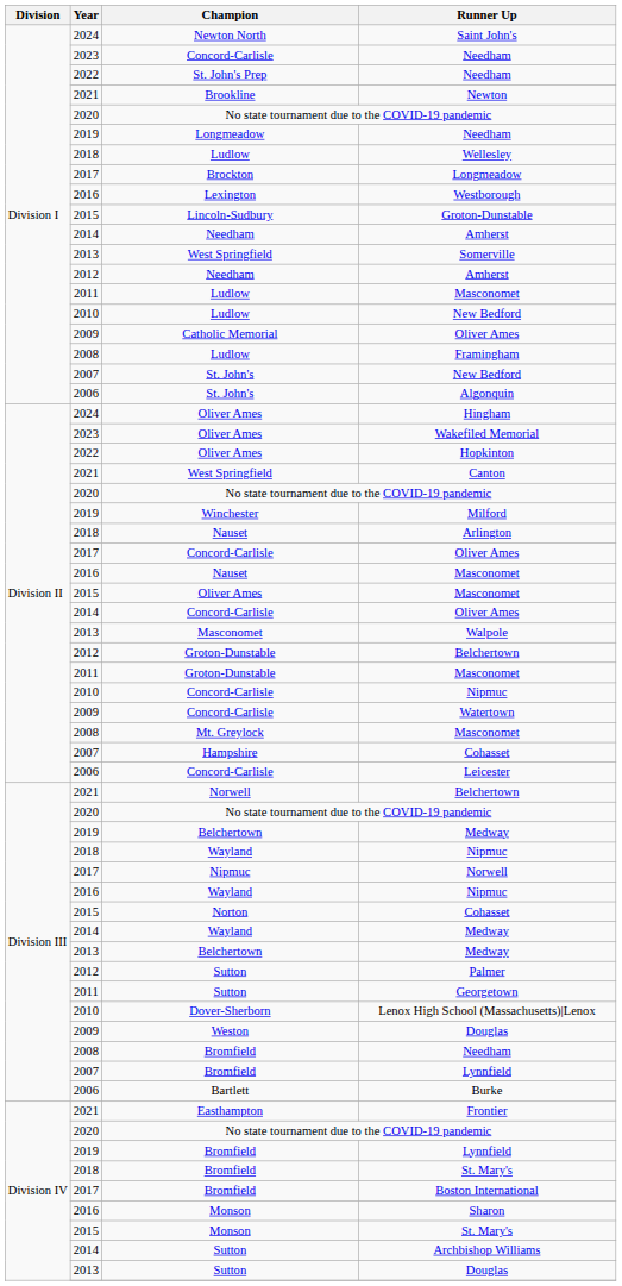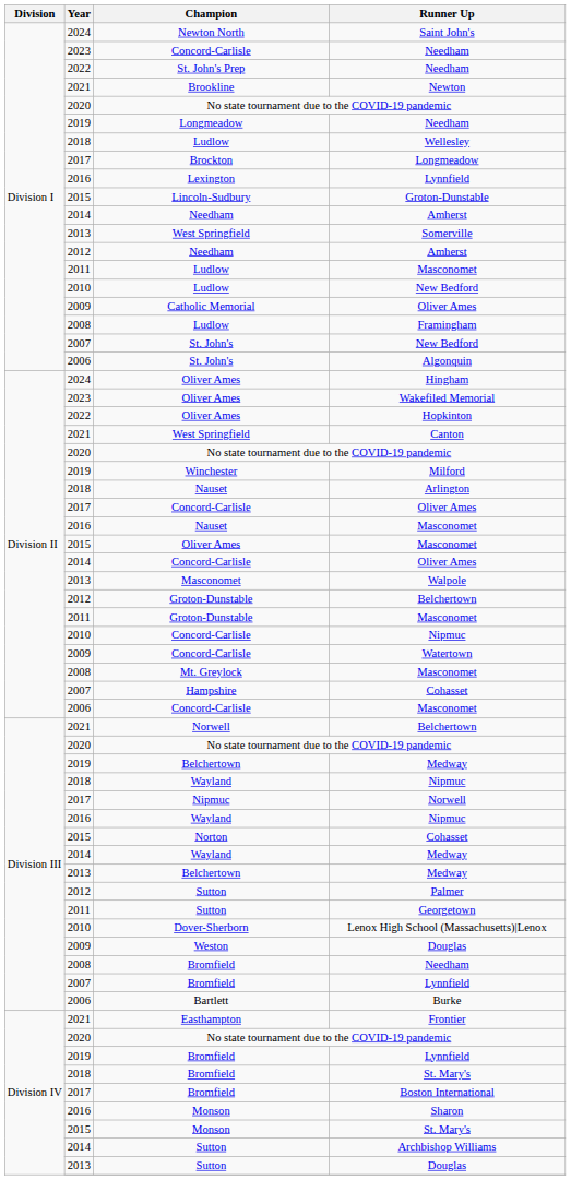 <table class="wikitable">
 <tr>
 <th>Division</th>
 <th colspan="2">Year</th>
 <th>Champion</th>
 <th>Runner Up</th>
 </tr>
 <tr>
 <td rowspan="19">Division I</td>
 <td colspan="2" style="text-align:center">2024</td>
 <td style="text-align:center; width:20em"><a href='#'>Newton North</a></td>
 <td style="text-align:center; width:20em"><a href='#'>Saint John's</a></td>
 </tr>
 <tr>
 <td colspan="2" style="text-align:center">2023</td>
 <td style="text-align:center; width:20em"><a href='#'>Concord-Carlisle</a></td>
 <td style="text-align:center; width:20em"><a href='#'>Needham</a></td>
 </tr>
 <tr>
 <td colspan="2" style="text-align:center">2022</td>
 <td style="text-align:center; width:20em"><a href='#'>St. John's Prep</a></td>
 <td style="text-align:center; width:20em"><a href='#'>Needham</a></td>
 </tr>
 <tr>
 <td colspan="2" style="text-align:center">2021</td>
 <td style="text-align:center; width:20em"><a href='#'>Brookline</a></td>
 <td style="text-align:center; width:20em"><a href='#'>Newton</a></td>
 </tr>
 <tr>
 <td colspan="2" style="text-align:center">2020</td>
 <td colspan="4" style="text-align:center">No state tournament due to the <a href='#'>COVID-19 pandemic</a></td>
 </tr>
 <tr>
 <td colspan="2" style="text-align:center">2019</td>
 <td style="text-align:center"><a href='#'>Longmeadow</a></td>
 <td style="text-align:center"><a href='#'>Needham</a></td>
 </tr>
 <tr>
 <td colspan="2" style="text-align:center">2018</td>
 <td style="text-align:center; width:20em"><a href='#'>Ludlow</a></td>
 <td style="text-align:center; width:20em"><a href='#'>Wellesley</a></td>
 </tr>
 <tr>
 <td colspan="2" style="text-align:center">2017</td>
 <td style="text-align:center"><a href='#'>Brockton</a></td>
 <td style="text-align:center"><a href='#'>Longmeadow</a></td>
 </tr>
 <tr>
 <td colspan="2" style="text-align:center">2016</td>
 <td style="text-align:center"><a href='#'>Lexington</a></td>
-<td style="text-align:center"><a href='#'>Westborough</a></td>
+<td style="text-align:center"><a href='#'>Lynnfield</a></td>
 </tr>
 <tr>
 <td colspan="2" style="text-align:center">2015</td>
 <td style="text-align:center"><a href='#'>Lincoln-Sudbury</a></td>
 <td style="text-align:center"><a href='#'>Groton-Dunstable</a></td>
 </tr>
 <tr>
 <td colspan="2" style="text-align:center">2014</td>
 <td style="text-align:center"><a href='#'>Needham</a></td>
 <td style="text-align:center"><a href='#'>Amherst</a></td>
 </tr>
 <tr>
 <td colspan="2" style="text-align:center">2013</td>
 <td style="text-align:center"><a href='#'>West Springfield</a></td>
 <td style="text-align:center"><a href='#'>Somerville</a></td>
 </tr>
 <tr>
 <td colspan="2" style="text-align:center">2012</td>
 <td style="text-align:center"><a href='#'>Needham</a></td>
 <td style="text-align:center"><a href='#'>Amherst</a></td>
 </tr>
 <tr>
 <td colspan="2" style="text-align:center">2011</td>
 <td style="text-align:center"><a href='#'>Ludlow</a></td>
 <td style="text-align:center"><a href='#'>Masconomet</a></td>
 </tr>
 <tr>
 <td colspan="2" style="text-align:center">2010</td>
 <td style="text-align:center"><a href='#'>Ludlow</a></td>
 <td style="text-align:center"><a href='#'>New Bedford</a></td>
 </tr>
 <tr>
 <td colspan="2" style="text-align:center">2009</td>
 <td style="text-align:center"><a href='#'>Catholic Memorial</a></td>
 <td style="text-align:center"><a href='#'>Oliver Ames</a></td>
 </tr>
 <tr>
 <td colspan="2" style="text-align:center">2008</td>
 <td style="text-align:center"><a href='#'>Ludlow</a></td>
 <td style="text-align:center"><a href='#'>Framingham</a></td>
 </tr>
 <tr>
 <td colspan="2" style="text-align:center">2007</td>
 <td style="text-align:center"><a href='#'>St. John's</a></td>
 <td style="text-align:center"><a href='#'>New Bedford</a></td>
 </tr>
 <tr>
 <td colspan="2" style="text-align:center">2006</td>
 <td style="text-align:center"><a href='#'>St. John's</a></td>
 <td style="text-align:center"><a href='#'>Algonquin</a></td>
 </tr>
 <tr>
 <td rowspan="19">Division II</td>
 <td colspan="2" style="text-align:center">2024</td>
 <td style="text-align:center"><a href='#'>Oliver Ames</a></td>
 <td style="text-align:center"><a href='#'>Hingham</a></td>
 </tr>
 <tr>
 <td colspan="2" style="text-align:center">2023</td>
 <td style="text-align:center"><a href='#'>Oliver Ames</a></td>
 <td style="text-align:center"><a href='#'>Wakefiled Memorial</a></td>
 </tr>
 <tr>
 <td colspan="2" style="text-align:center">2022</td>
 <td style="text-align:center"><a href='#'>Oliver Ames</a></td>
 <td style="text-align:center"><a href='#'>Hopkinton</a></td>
 </tr>
 <tr>
 <td colspan="2" style="text-align:center">2021</td>
 <td style="text-align:center; width:20em"><a href='#'>West Springfield</a></td>
 <td style="text-align:center; width:20em"><a href='#'>Canton</a></td>
 </tr>
 <tr>
 <td colspan="2" style="text-align:center">2020</td>
 <td colspan="4" style="text-align:center">No state tournament due to the <a href='#'>COVID-19 pandemic</a></td>
 </tr>
 <tr>
 <td colspan="2" style="text-align:center">2019</td>
 <td style="text-align:center"><a href='#'>Winchester</a></td>
 <td style="text-align:center"><a href='#'>Milford</a></td>
 </tr>
 <tr>
 <td colspan="2" style="text-align:center">2018</td>
 <td style="text-align:center;"><a href='#'>Nauset</a></td>
 <td style="text-align:center;"><a href='#'>Arlington</a></td>
 </tr>
 <tr>
 <td colspan="2" style="text-align:center">2017</td>
 <td style="text-align:center"><a href='#'>Concord-Carlisle</a></td>
 <td style="text-align:center"><a href='#'>Oliver Ames</a></td>
 </tr>
 <tr>
 <td colspan="2" style="text-align:center">2016</td>
 <td style="text-align:center"><a href='#'>Nauset</a></td>
 <td style="text-align:center"><a href='#'>Masconomet</a></td>
 </tr>
 <tr>
 <td colspan="2" style="text-align:center">2015</td>
 <td style="text-align:center"><a href='#'>Oliver Ames</a></td>
 <td style="text-align:center"><a href='#'>Masconomet</a></td>
 </tr>
 <tr>
 <td colspan="2" style="text-align:center">2014</td>
 <td style="text-align:center"><a href='#'>Concord-Carlisle</a></td>
 <td style="text-align:center"><a href='#'>Oliver Ames</a></td>
 </tr>
 <tr>
 <td colspan="2" style="text-align:center">2013</td>
 <td style="text-align:center"><a href='#'>Masconomet</a></td>
 <td style="text-align:center"><a href='#'>Walpole</a></td>
 </tr>
 <tr>
 <td colspan="2" style="text-align:center">2012</td>
 <td style="text-align:center"><a href='#'>Groton-Dunstable</a></td>
 <td style="text-align:center"><a href='#'>Belchertown</a></td>
 </tr>
 <tr>
 <td colspan="2" style="text-align:center">2011</td>
 <td style="text-align:center"><a href='#'>Groton-Dunstable</a></td>
 <td style="text-align:center"><a href='#'>Masconomet</a></td>
 </tr>
 <tr>
 <td colspan="2" style="text-align:center">2010</td>
 <td style="text-align:center"><a href='#'>Concord-Carlisle</a></td>
 <td style="text-align:center"><a href='#'>Nipmuc</a></td>
 </tr>
 <tr>
 <td colspan="2" style="text-align:center">2009</td>
 <td style="text-align:center"><a href='#'>Concord-Carlisle</a></td>
 <td style="text-align:center"><a href='#'>Watertown</a></td>
 </tr>
 <tr>
 <td colspan="2" style="text-align:center">2008</td>
 <td style="text-align:center"><a href='#'>Mt. Greylock</a></td>
 <td style="text-align:center"><a href='#'>Masconomet</a></td>
 </tr>
 <tr>
 <td colspan="2" style="text-align:center">2007</td>
 <td style="text-align:center"><a href='#'>Hampshire</a></td>
 <td style="text-align:center"><a href='#'>Cohasset</a></td>
 </tr>
 <tr>
 <td colspan="2" style="text-align:center">2006</td>
 <td style="text-align:center"><a href='#'>Concord-Carlisle</a></td>
-<td style="text-align:center"><a href='#'>Leicester</a></td>
+<td style="text-align:center"><a href='#'>Masconomet</a></td>
 </tr>
 <tr>
 <td rowspan="16">Division III</td>
 <td colspan="2" style="text-align:center">2021</td>
 <td style="text-align:center; width:20em"><a href='#'>Norwell</a></td>
 <td style="text-align:center; width:20em"><a href='#'>Belchertown</a></td>
 </tr>
 <tr>
 <td colspan="2" style="text-align:center">2020</td>
 <td colspan="4" style="text-align:center">No state tournament due to the <a href='#'>COVID-19 pandemic</a></td>
 </tr>
 <tr>
 <td colspan="2" style="text-align:center">2019</td>
 <td style="text-align:center"><a href='#'>Belchertown</a></td>
 <td style="text-align:center"><a href='#'>Medway</a></td>
 </tr>
 <tr>
 <td colspan="2" style="text-align:center">2018</td>
 <td style="text-align:center;"><a href='#'>Wayland</a></td>
 <td style="text-align:center;"><a href='#'>Nipmuc</a></td>
 </tr>
 <tr>
 <td colspan="2" style="text-align:center">2017</td>
 <td style="text-align:center"><a href='#'>Nipmuc</a></td>
 <td style="text-align:center"><a href='#'>Norwell</a></td>
 </tr>
 <tr>
 <td colspan="2" style="text-align:center">2016</td>
 <td style="text-align:center"><a href='#'>Wayland</a></td>
 <td style="text-align:center"><a href='#'>Nipmuc</a></td>
 </tr>
 <tr>
 <td colspan="2" style="text-align:center">2015</td>
 <td style="text-align:center"><a href='#'>Norton</a></td>
 <td style="text-align:center"><a href='#'>Cohasset</a></td>
 </tr>
 <tr>
 <td colspan="2" style="text-align:center">2014</td>
 <td style="text-align:center"><a href='#'>Wayland</a></td>
 <td style="text-align:center"><a href='#'>Medway</a></td>
 </tr>
 <tr>
 <td colspan="2" style="text-align:center">2013</td>
 <td style="text-align:center"><a href='#'>Belchertown</a></td>
 <td style="text-align:center"><a href='#'>Medway</a></td>
 </tr>
 <tr>
 <td colspan="2" style="text-align:center">2012</td>
 <td style="text-align:center"><a href='#'>Sutton</a></td>
 <td style="text-align:center"><a href='#'>Palmer</a></td>
 </tr>
 <tr>
 <td colspan="2" style="text-align:center">2011</td>
 <td style="text-align:center"><a href='#'>Sutton</a></td>
 <td style="text-align:center"><a href='#'>Georgetown</a></td>
 </tr>
 <tr>
 <td colspan="2" style="text-align:center">2010</td>
 <td style="text-align:center"><a href='#'>Dover-Sherborn</a></td>
 <td style="text-align:center">Lenox High School (Massachusetts)|Lenox</td>
 </tr>
 <tr>
 <td colspan="2" style="text-align:center">2009</td>
 <td style="text-align:center"><a href='#'>Weston</a></td>
 <td style="text-align:center"><a href='#'>Douglas</a></td>
 </tr>
 <tr>
 <td colspan="2" style="text-align:center">2008</td>
 <td style="text-align:center"><a href='#'>Bromfield</a></td>
 <td style="text-align:center; width:20em"><a href='#'>Needham</a></td>
 </tr>
 <tr>
 <td colspan="2" style="text-align:center">2007</td>
 <td style="text-align:center"><a href='#'>Bromfield</a></td>
 <td style="text-align:center"><a href='#'>Lynnfield</a></td>
 </tr>
 <tr>
 <td colspan="2" style="text-align:center">2006</td>
 <td style="text-align:center">Bartlett</td>
 <td style="text-align:center">Burke</td>
 </tr>
 <tr>
 <td rowspan="16">Division IV</td>
 <td colspan="2" style="text-align:center">2021</td>
 <td style="text-align:center; width:20em"><a href='#'>Easthampton</a></td>
 <td style="text-align:center; width:20em"><a href='#'>Frontier</a></td>
 </tr>
 <tr>
 <td colspan="2" style="text-align:center">2020</td>
 <td colspan="4" style="text-align:center">No state tournament due to the <a href='#'>COVID-19 pandemic</a></td>
 </tr>
 <tr>
 <td colspan="2" style="text-align:center">2019</td>
 <td style="text-align:center"><a href='#'>Bromfield</a></td>
 <td style="text-align:center"><a href='#'>Lynnfield</a></td>
 </tr>
 <tr>
 <td colspan="2" style="text-align:center">2018</td>
 <td style="text-align:center;"><a href='#'>Bromfield</a></td>
 <td style="text-align:center;"><a href='#'>St. Mary's</a></td>
 </tr>
 <tr>
 <td colspan="2" style="text-align:center">2017</td>
 <td style="text-align:center"><a href='#'>Bromfield</a></td>
 <td style="text-align:center"><a href='#'>Boston International</a></td>
 </tr>
 <tr>
 <td colspan="2" style="text-align:center">2016</td>
 <td style="text-align:center"><a href='#'>Monson</a></td>
 <td style="text-align:center"><a href='#'>Sharon</a></td>
 </tr>
 <tr>
 <td colspan="2" style="text-align:center">2015</td>
 <td style="text-align:center"><a href='#'>Monson</a></td>
 <td style="text-align:center"><a href='#'>St. Mary's</a></td>
 </tr>
 <tr>
 <td colspan="2" style="text-align:center">2014</td>
 <td style="text-align:center"><a href='#'>Sutton</a></td>
 <td style="text-align:center"><a href='#'>Archbishop Williams</a></td>
 </tr>
 <tr>
 <td colspan="2" style="text-align:center">2013</td>
 <td style="text-align:center"><a href='#'>Sutton</a></td>
 <td style="text-align:center"><a href='#'>Douglas</a></td>
 </tr>
 <tr>
 </tr>
 </table>
